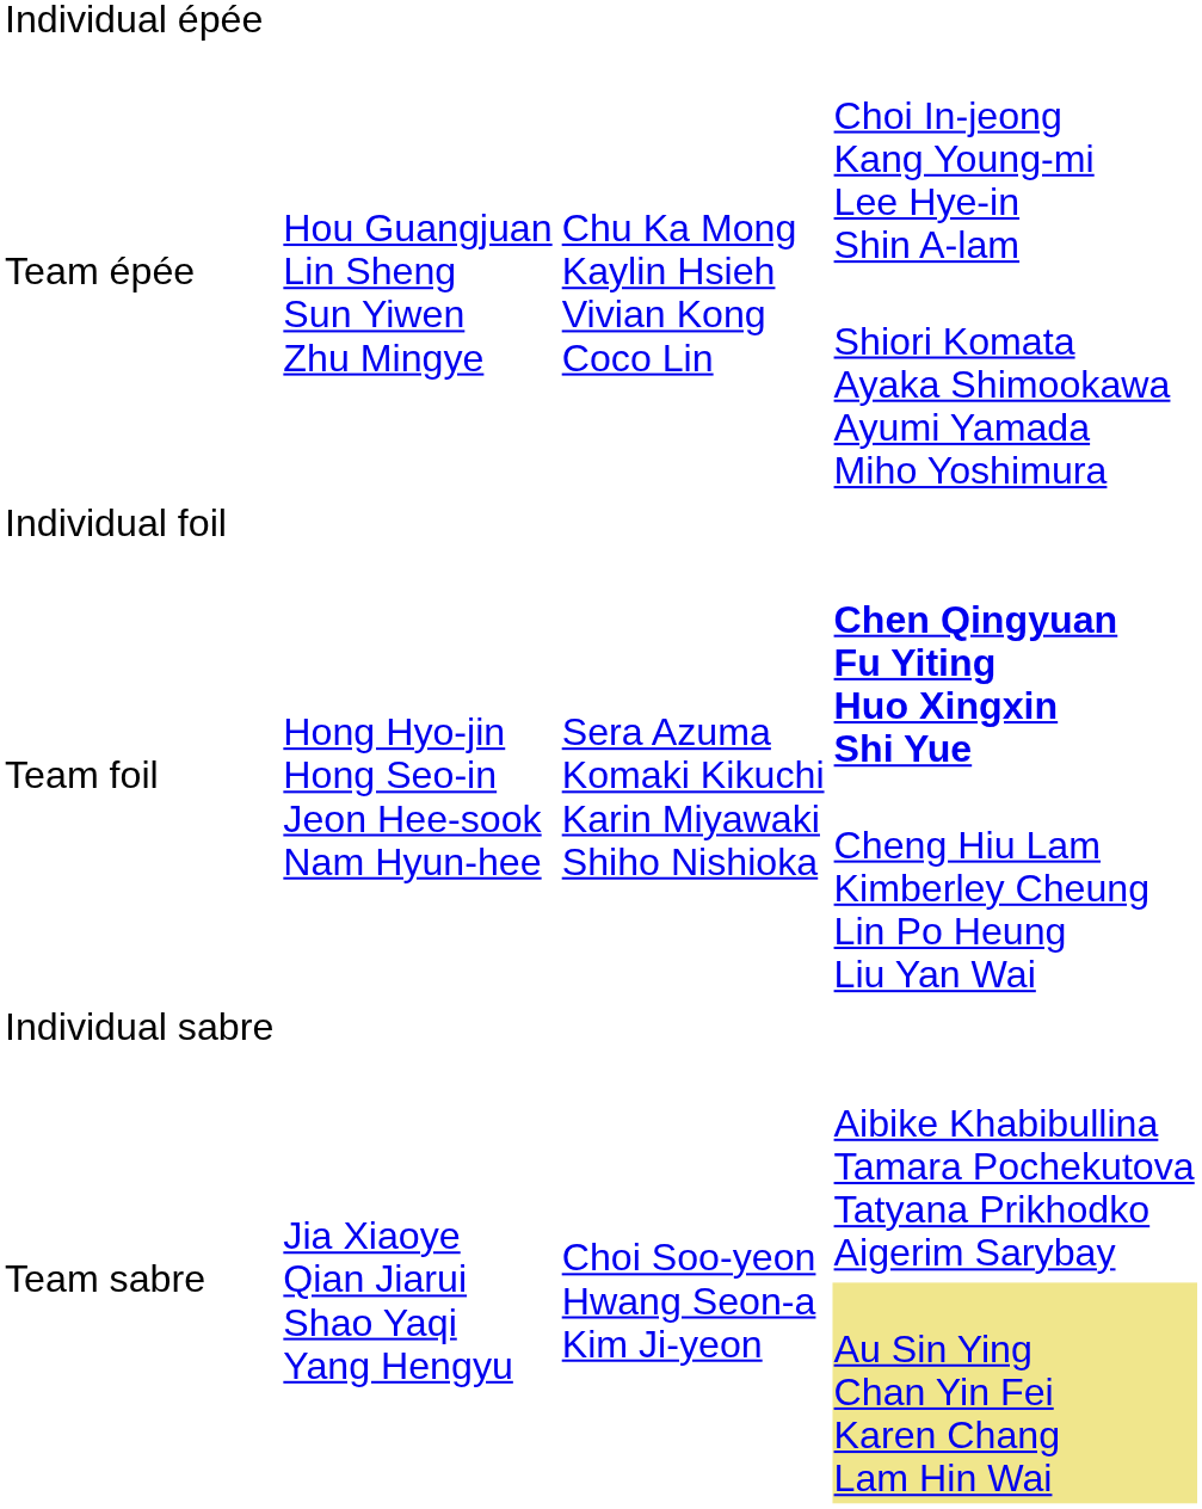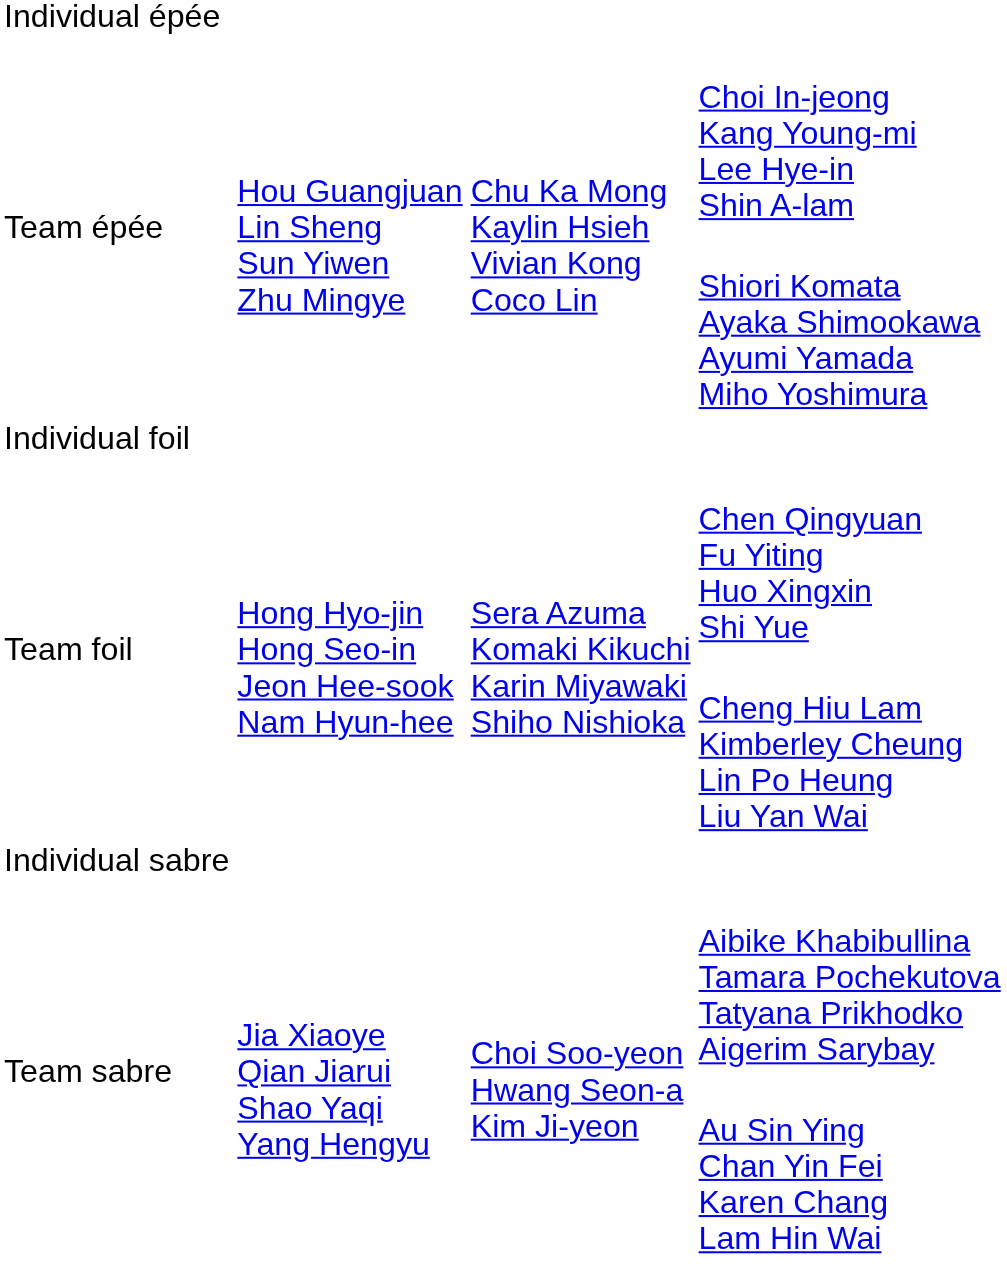 <table>
 <tr>
 <td rowspan=2>Individual épée</td>
 <td rowspan=2></td>
 <td rowspan=2></td>
 <td></td>
 </tr>
 <tr>
 <td></td>
 </tr>
 <tr>
 <td rowspan=2>Team épée</td>
 <td rowspan=2><br><a href='#'>Hou Guangjuan</a><br><a href='#'>Lin Sheng</a><br><a href='#'>Sun Yiwen</a><br><a href='#'>Zhu Mingye</a></td>
 <td rowspan=2><br><a href='#'>Chu Ka Mong</a><br><a href='#'>Kaylin Hsieh</a><br><a href='#'>Vivian Kong</a><br><a href='#'>Coco Lin</a></td>
 <td><br><a href='#'>Choi In-jeong</a><br><a href='#'>Kang Young-mi</a><br><a href='#'>Lee Hye-in</a><br><a href='#'>Shin A-lam</a></td>
 </tr>
 <tr>
 <td><br><a href='#'>Shiori Komata</a><br><a href='#'>Ayaka Shimookawa</a><br><a href='#'>Ayumi Yamada</a><br><a href='#'>Miho Yoshimura</a></td>
 </tr>
 <tr>
 <td rowspan=2>Individual foil</td>
 <td rowspan=2></td>
 <td rowspan=2></td>
 <td></td>
 </tr>
 <tr>
 <td></td>
 </tr>
 <tr>
 <td rowspan=2>Team foil</td>
 <td rowspan=2><br><a href='#'>Hong Hyo-jin</a><br><a href='#'>Hong Seo-in</a><br><a href='#'>Jeon Hee-sook</a><br><a href='#'>Nam Hyun-hee</a></td>
 <td rowspan=2><br><a href='#'>Sera Azuma</a><br><a href='#'>Komaki Kikuchi</a><br><a href='#'>Karin Miyawaki</a><br><a href='#'>Shiho Nishioka</a></td>
-<td><strong><br><a href='#'>Chen Qingyuan</a><br><a href='#'>Fu Yiting</a><br><a href='#'>Huo Xingxin</a><br><a href='#'>Shi Yue</a></strong></td>
+<td><br><a href='#'>Chen Qingyuan</a><br><a href='#'>Fu Yiting</a><br><a href='#'>Huo Xingxin</a><br><a href='#'>Shi Yue</a></td>
 </tr>
 <tr>
 <td><br><a href='#'>Cheng Hiu Lam</a><br><a href='#'>Kimberley Cheung</a><br><a href='#'>Lin Po Heung</a><br><a href='#'>Liu Yan Wai</a></td>
 </tr>
 <tr>
 <td rowspan=2>Individual sabre</td>
 <td rowspan=2></td>
 <td rowspan=2></td>
 <td></td>
 </tr>
 <tr>
 <td></td>
 </tr>
 <tr>
 <td rowspan=2>Team sabre</td>
 <td rowspan=2><br><a href='#'>Jia Xiaoye</a><br><a href='#'>Qian Jiarui</a><br><a href='#'>Shao Yaqi</a><br><a href='#'>Yang Hengyu</a></td>
 <td rowspan=2><br><a href='#'>Choi Soo-yeon</a><br><a href='#'>Hwang Seon-a</a><br><a href='#'>Kim Ji-yeon</a></td>
 <td><br><a href='#'>Aibike Khabibullina</a><br><a href='#'>Tamara Pochekutova</a><br><a href='#'>Tatyana Prikhodko</a><br><a href='#'>Aigerim Sarybay</a></td>
 </tr>
 <tr>
-<td style="background: khaki;"><br><a href='#'>Au Sin Ying</a><br><a href='#'>Chan Yin Fei</a><br><a href='#'>Karen Chang</a><br><a href='#'>Lam Hin Wai</a></td>
+<td><br><a href='#'>Au Sin Ying</a><br><a href='#'>Chan Yin Fei</a><br><a href='#'>Karen Chang</a><br><a href='#'>Lam Hin Wai</a></td>
 </tr>
 </table>
